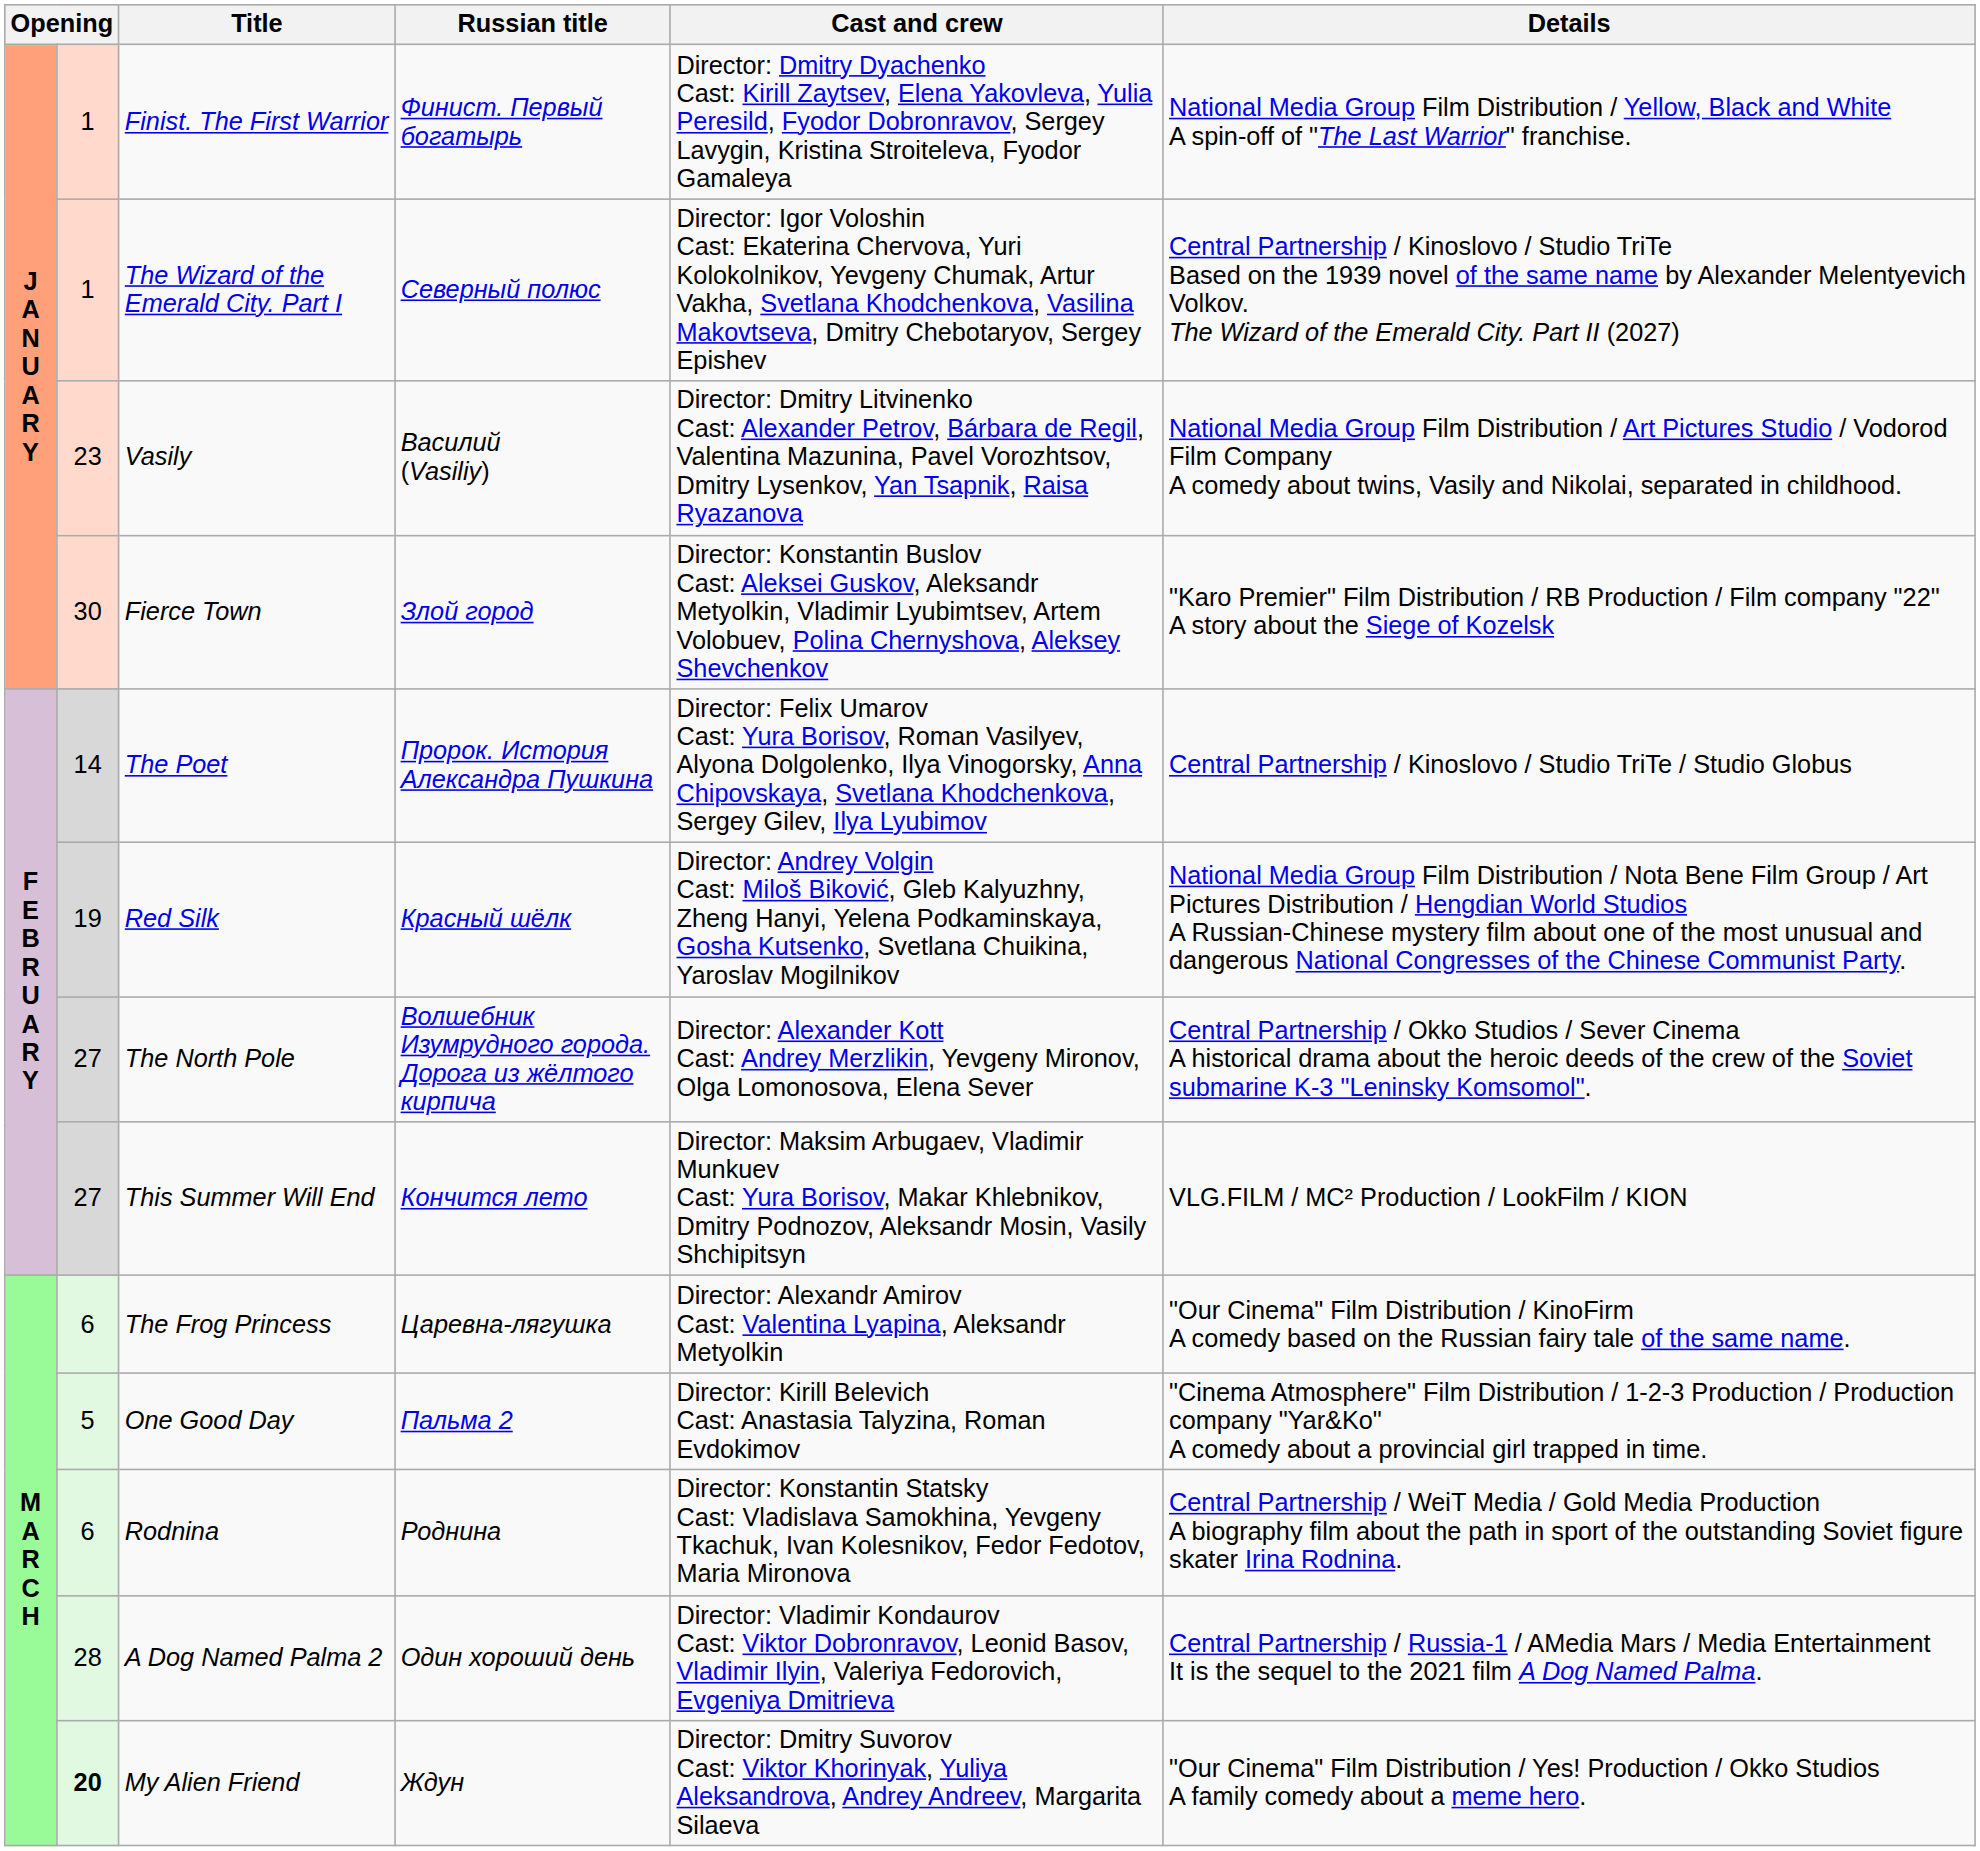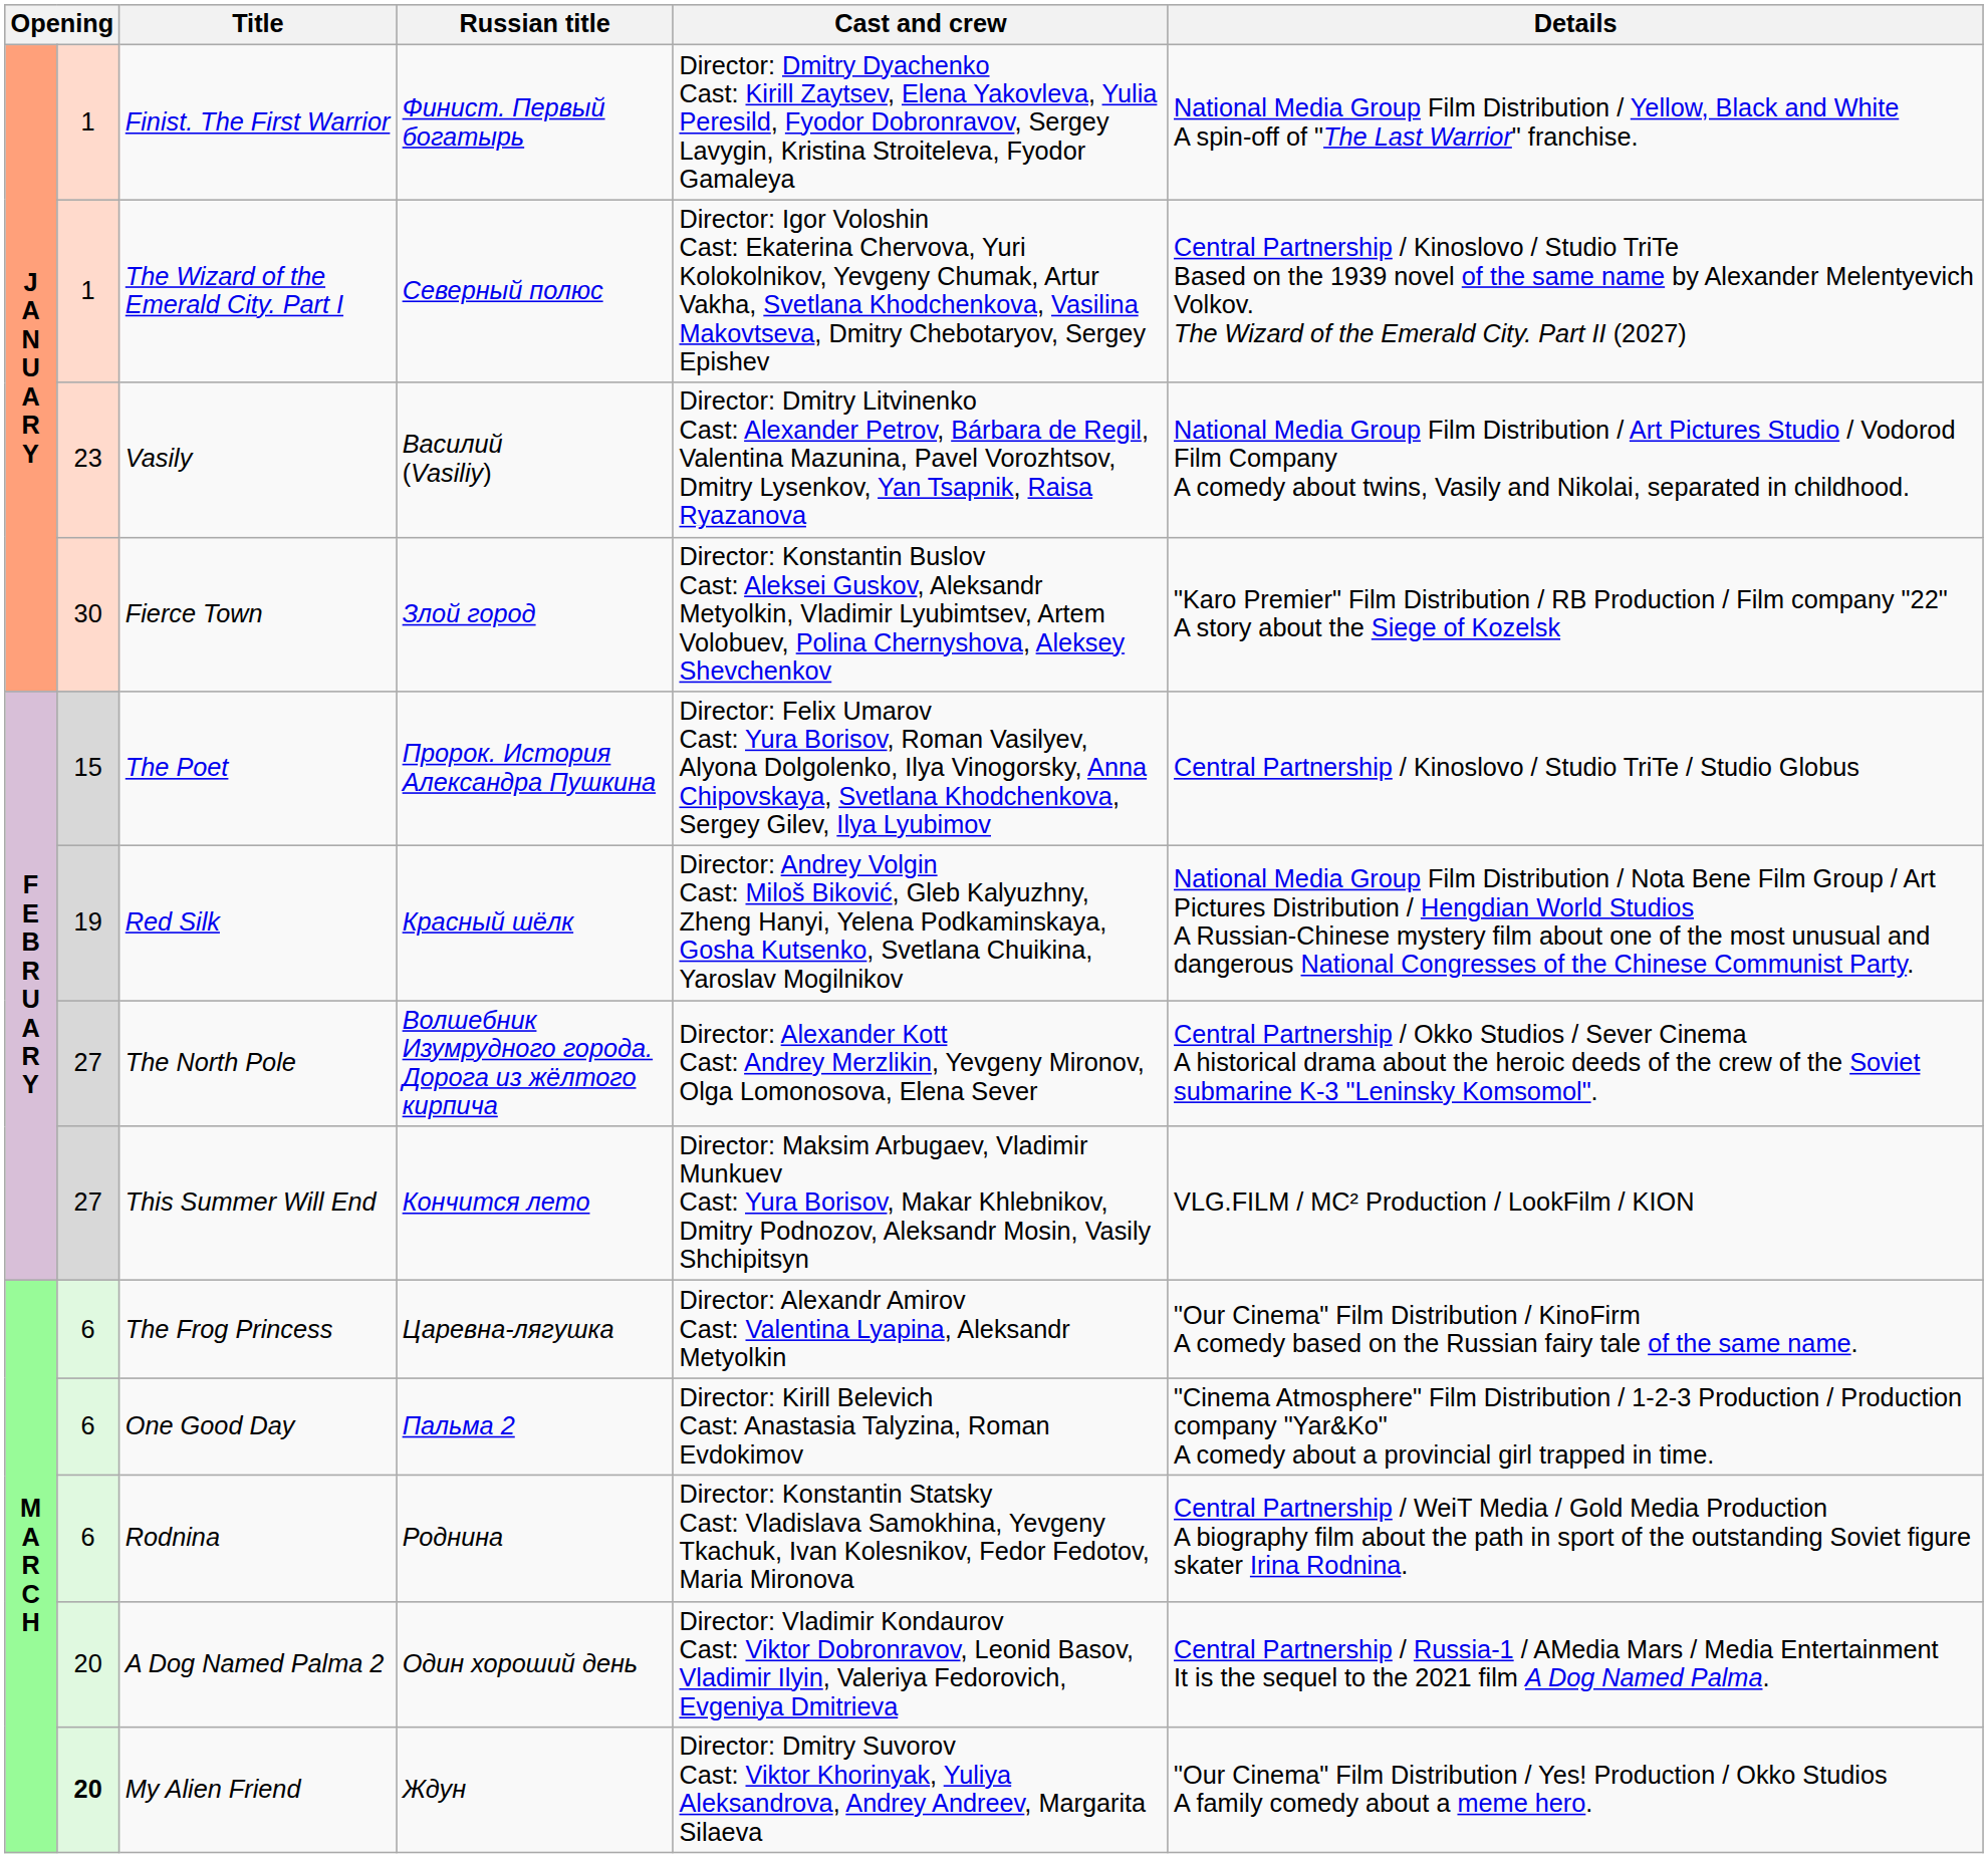 <table class="wikitable">
 <tr>
 <th colspan="2">Opening</th>
 <th style="width:14%;">Title</th>
 <th style="width:14%;">Russian title</th>
 <th style="width:25%;">Cast and crew</th>
 <th>Details</th>
 </tr>
 <tr>
 <th rowspan="4" align="center" style="background:#ffa07a; textcolor:#000;">J<br>A<br>N<br>U<br>A<br>R<br>Y</th>
 <td align="center" style="background:#ffdacc;">1</td>
 <td><em><a href='#'>Finist. The First Warrior</a></em></td>
 <td><em><a href='#'>Финист. Первый богатырь</a></em></td>
 <td>Director: <a href='#'>Dmitry Dyachenko</a> <br> Cast: <a href='#'>Kirill Zaytsev</a>, <a href='#'>Elena Yakovleva</a>, <a href='#'>Yulia Peresild</a>, <a href='#'>Fyodor Dobronravov</a>, Sergey Lavygin, Kristina Stroiteleva, Fyodor Gamaleya</td>
 <td><a href='#'>National Media Group</a> Film Distribution / <a href='#'>Yellow, Black and White</a> <br> A spin-off of "<em><a href='#'>The Last Warrior</a></em>" franchise.</td>
 </tr>
 <tr>
 <td align="center" style="background:#ffdacc;">1</td>
 <td><em><a href='#'>The Wizard of the Emerald City. Part I</a></em></td>
 <td><em><a href='#'>Северный полюс</a></em></td>
 <td>Director: Igor Voloshin <br> Cast: Ekaterina Chervova, Yuri Kolokolnikov, Yevgeny Chumak, Artur Vakha, <a href='#'>Svetlana Khodchenkova</a>, <a href='#'>Vasilina Makovtseva</a>, Dmitry Chebotaryov, Sergey Epishev</td>
 <td><a href='#'>Central Partnership</a> / Kinoslovo / Studio TriTe <br> Based on the 1939 novel <a href='#'>of the same name</a> by Alexander Melentyevich Volkov. <br> <em>The Wizard of the Emerald City. Part II</em> (2027)</td>
 </tr>
 <tr>
 <td align="center" style="background:#ffdacc;">23</td>
 <td><em>Vasily</em></td>
 <td><em>Василий</em> <br>(<em>Vasiliy</em>)</td>
 <td>Director: Dmitry Litvinenko <br> Cast: <a href='#'>Alexander Petrov</a>, <a href='#'>Bárbara de Regil</a>, Valentina Mazunina, Pavel Vorozhtsov, Dmitry Lysenkov, <a href='#'>Yan Tsapnik</a>, <a href='#'>Raisa Ryazanova</a></td>
 <td><a href='#'>National Media Group</a> Film Distribution / <a href='#'>Art Pictures Studio</a> / Vodorod Film Company <br> A comedy about twins, Vasily and Nikolai, separated in childhood.</td>
 </tr>
 <tr>
 <td align="center" style="background:#ffdacc;">30</td>
 <td><em>Fierce Town</em></td>
 <td><em><a href='#'>Злой город</a></em></td>
 <td>Director: Konstantin Buslov <br> Cast: <a href='#'>Aleksei Guskov</a>, Aleksandr Metyolkin, Vladimir Lyubimtsev, Artem Volobuev, <a href='#'>Polina Chernyshova</a>, <a href='#'>Aleksey Shevchenkov</a></td>
 <td>"Karo Premier" Film Distribution / RB Production / Film company "22" <br> A story about the <a href='#'>Siege of Kozelsk</a></td>
 </tr>
 <tr>
 <th rowspan="4" align="center" style="background:thistle; textcolor:#000;">F<br>E<br>B<br>R<br>U<br>A<br>R<br>Y</th>
-<td align="center" style="background:#d8d8d8;">14</td>
+<td align="center" style="background:#d8d8d8;">15</td>
 <td><em><a href='#'>The Poet</a></em></td>
 <td><em><a href='#'>Пророк. История Александра Пушкина</a></em></td>
 <td>Director: Felix Umarov <br> Cast: <a href='#'>Yura Borisov</a>, Roman Vasilyev, Alyona Dolgolenko, Ilya Vinogorsky, <a href='#'>Anna Chipovskaya</a>, <a href='#'>Svetlana Khodchenkova</a>, Sergey Gilev, <a href='#'>Ilya Lyubimov</a></td>
 <td><a href='#'>Central Partnership</a> / Kinoslovo / Studio TriTe / Studio Globus</td>
 </tr>
 <tr>
 <td align="center" style="background:#d8d8d8;">19</td>
 <td><em><a href='#'>Red Silk</a></em></td>
 <td><em><a href='#'>Красный шёлк</a></em></td>
 <td>Director: <a href='#'>Andrey Volgin</a> <br> Cast: <a href='#'>Miloš Biković</a>, Gleb Kalyuzhny, Zheng Hanyi, Yelena Podkaminskaya, <a href='#'>Gosha Kutsenko</a>, Svetlana Chuikina, Yaroslav Mogilnikov</td>
 <td><a href='#'>National Media Group</a> Film Distribution / Nota Bene Film Group / Art Pictures Distribution / <a href='#'>Hengdian World Studios</a> <br> A Russian-Chinese mystery film about one of the most unusual and dangerous <a href='#'>National Congresses of the Chinese Communist Party</a>.</td>
 </tr>
 <tr>
 <td align="center" style="background:#d8d8d8;">27</td>
 <td><em>The North Pole</em></td>
 <td><em><a href='#'>Волшебник Изумрудного города. Дорога из жёлтого кирпича</a></em></td>
 <td>Director: <a href='#'>Alexander Kott</a> <br> Cast: <a href='#'>Andrey Merzlikin</a>, Yevgeny Mironov, Olga Lomonosova, Elena Sever</td>
 <td><a href='#'>Central Partnership</a> / Okko Studios / Sever Cinema <br> A historical drama about the heroic deeds of the crew of the <a href='#'>Soviet submarine K-3 "Leninsky Komsomol"</a>.</td>
 </tr>
 <tr>
 <td align="center" style="background:#d8d8d8;">27</td>
 <td><em>This Summer Will End</em></td>
 <td><em><a href='#'>Кончится лето</a></em></td>
 <td>Director: Maksim Arbugaev, Vladimir Munkuev <br> Cast: <a href='#'>Yura Borisov</a>, Makar Khlebnikov, Dmitry Podnozov, Aleksandr Mosin, Vasily Shchipitsyn</td>
 <td>VLG.FILM / MC² Production / LookFilm / KION</td>
 </tr>
 <tr>
 <th rowspan="5" align="center" style="background:#98fb98; textcolor:#000;">M<br>A<br>R<br>C<br>H</th>
 <td align="center" style="background:#e0f9e0;">6</td>
 <td><em>The Frog Princess</em></td>
 <td><em>Царевна-лягушка</em></td>
 <td>Director: Alexandr Amirov <br> Cast: <a href='#'>Valentina Lyapina</a>, Aleksandr Metyolkin</td>
 <td>"Our Cinema" Film Distribution / KinoFirm <br> A comedy based on the Russian fairy tale <a href='#'>of the same name</a>.</td>
 </tr>
 <tr>
-<td align="center" style="background:#e0f9e0;">5</td>
+<td align="center" style="background:#e0f9e0;">6</td>
 <td><em>One Good Day</em></td>
 <td><em><a href='#'>Пальма 2</a></em></td>
 <td>Director: Kirill Belevich <br> Cast: Anastasia Talyzina, Roman Evdokimov</td>
 <td>"Cinema Atmosphere" Film Distribution / 1-2-3 Production / Production company "Yar&Ko" <br> A comedy about a provincial girl trapped in time.</td>
 </tr>
 <tr>
 <td align="center" style="background:#e0f9e0;">6</td>
 <td><em>Rodnina</em></td>
 <td><em>Роднина</em></td>
 <td>Director: Konstantin Statsky <br> Cast: Vladislava Samokhina, Yevgeny Tkachuk, Ivan Kolesnikov, Fedor Fedotov, Maria Mironova</td>
 <td><a href='#'>Central Partnership</a> / WeiT Media / Gold Media Production <br> A biography film about the path in sport of the outstanding Soviet figure skater <a href='#'>Irina Rodnina</a>.</td>
 </tr>
 <tr>
-<td align="center" style="background:#e0f9e0;">28</td>
+<td align="center" style="background:#e0f9e0;">20</td>
 <td><em>A Dog Named Palma 2</em></td>
 <td><em>Один хороший день</em></td>
 <td>Director: Vladimir Kondaurov <br> Cast: <a href='#'>Viktor Dobronravov</a>, Leonid Basov, <a href='#'>Vladimir Ilyin</a>, Valeriya Fedorovich, <a href='#'>Evgeniya Dmitrieva</a></td>
 <td><a href='#'>Central Partnership</a> / <a href='#'>Russia-1</a> / AMedia Mars / Media Entertainment <br> It is the sequel to the 2021 film <em><a href='#'>A Dog Named Palma</a></em>.</td>
 </tr>
 <tr>
 <td align="center" style="background:#e0f9e0;"><strong>20</strong></td>
 <td><em>My Alien Friend</em></td>
 <td><em>Ждун</em></td>
 <td>Director: Dmitry Suvorov <br> Cast: <a href='#'>Viktor Khorinyak</a>, <a href='#'>Yuliya Aleksandrova</a>, <a href='#'>Andrey Andreev</a>, Margarita Silaeva</td>
 <td>"Our Cinema" Film Distribution / Yes! Production / Okko Studios <br> A family comedy about a <a href='#'>meme hero</a>.</td>
 </tr>
 </table>
